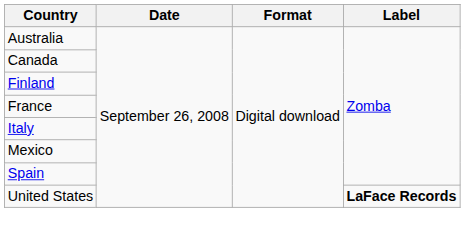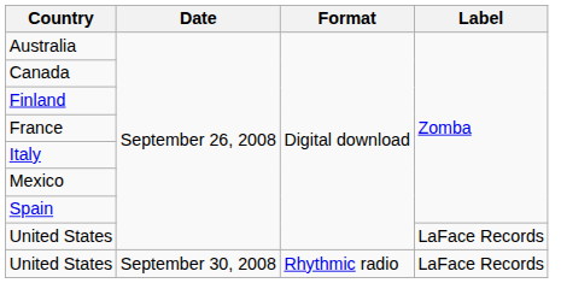 <table class=wikitable>
 <tr>
 <th scope="col">Country</th>
 <th scope="col">Date</th>
 <th scope="col">Format</th>
 <th scope="col">Label</th>
 </tr>
 <tr>
 <td>Australia</td>
 <td rowspan="8">September 26, 2008</td>
 <td rowspan="8">Digital download</td>
 <td rowspan="7"><a href='#'>Zomba</a></td>
 </tr>
 <tr>
 <td>Canada</td>
 </tr>
 <tr>
 <td><a href='#'>Finland</a></td>
 </tr>
 <tr>
 <td>France</td>
 </tr>
 <tr>
 <td><a href='#'>Italy</a></td>
 </tr>
 <tr>
 <td>Mexico</td>
 </tr>
 <tr>
 <td><a href='#'>Spain</a></td>
 </tr>
 <tr>
 <td>United States</td>
-<td><strong>LaFace Records</strong></td>
+<td>LaFace Records</td>
+</tr>
+<tr>
+<td>United States</td>
+<td>September 30, 2008</td>
+<td><a href='#'>Rhythmic</a> radio</td>
+<td>LaFace Records</td>
 </tr>
 </table>
